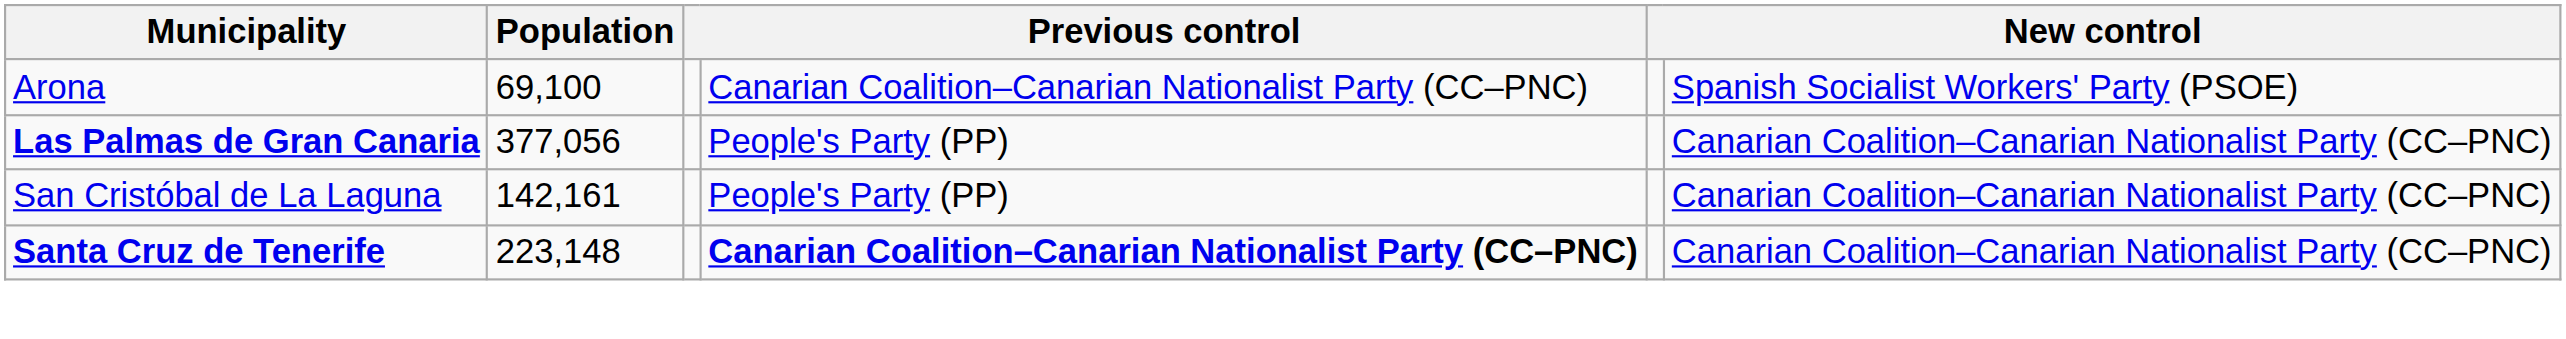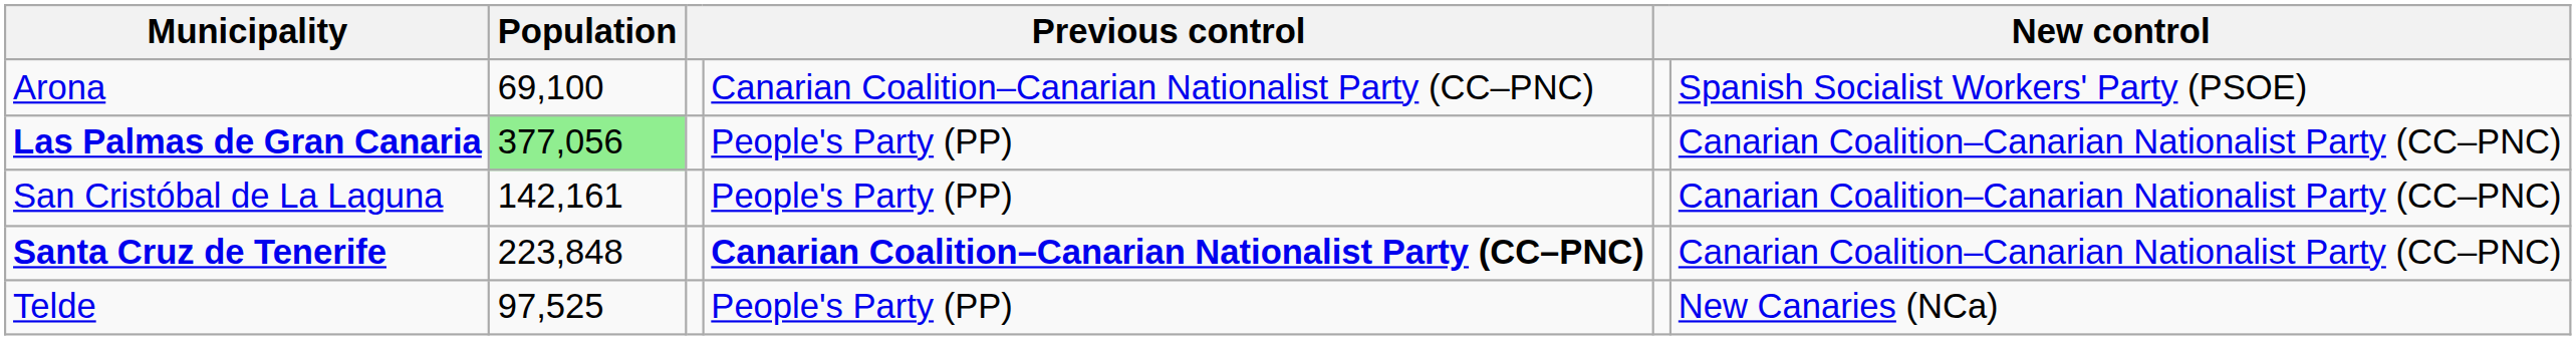 <table class="wikitable sortable">
 <tr>
 <th>Municipality</th>
 <th>Population</th>
 <th colspan="2" style="width:375px;">Previous control</th>
 <th colspan="2" style="width:375px;">New control</th>
 </tr>
 <tr>
 <td><a href='#'>Arona</a></td>
 <td>69,100</td>
 <td width="1" style="color:inherit;background:"></td>
 <td><a href='#'>Canarian Coalition–Canarian Nationalist Party</a> (CC–PNC)</td>
 <td width="1" style="color:inherit;background:"></td>
 <td><a href='#'>Spanish Socialist Workers' Party</a> (PSOE)</td>
 </tr>
 <tr>
 <td><strong><a href='#'>Las Palmas de Gran Canaria</a></strong></td>
-<td>377,056</td>
+<td style="background: lightgreen;">377,056</td>
 <td width="1" style="color:inherit;background:"></td>
 <td><a href='#'>People's Party</a> (PP)</td>
 <td width="1" style="color:inherit;background:"></td>
 <td><a href='#'>Canarian Coalition–Canarian Nationalist Party</a> (CC–PNC)</td>
 </tr>
 <tr>
 <td><a href='#'>San Cristóbal de La Laguna</a></td>
 <td>142,161</td>
 <td style="color:inherit;background:"></td>
 <td><a href='#'>People's Party</a> (PP)</td>
 <td style="color:inherit;background:"></td>
 <td><a href='#'>Canarian Coalition–Canarian Nationalist Party</a> (CC–PNC)</td>
 </tr>
 <tr>
 <td><strong><a href='#'>Santa Cruz de Tenerife</a></strong></td>
-<td>223,148</td>
+<td>223,848</td>
 <td style="color:inherit;background:"></td>
 <td><strong><a href='#'>Canarian Coalition–Canarian Nationalist Party</a> (CC–PNC)</strong></td>
 <td style="color:inherit;background:"></td>
 <td><a href='#'>Canarian Coalition–Canarian Nationalist Party</a> (CC–PNC)</td>
 </tr>
+<tr>
+<td><a href='#'>Telde</a></td>
+<td>97,525</td>
+<td style="color:inherit;background:"></td>
+<td><a href='#'>People's Party</a> (PP)</td>
+<td style="color:inherit;background:"></td>
+<td><a href='#'>New Canaries</a> (NCa)</td>
+</tr>
 </table>
